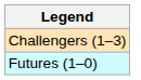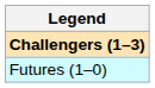 <table class=wikitable style=font-size:90%>
 <tr>
 <th>Legend</th>
 </tr>
 <tr bgcolor=moccasin>
-<td>Challengers (1–3)</td>
+<td><strong>Challengers (1–3)</strong></td>
 </tr>
 <tr bgcolor=CFFCFF>
 <td>Futures (1–0)</td>
 </tr>
 </table>
